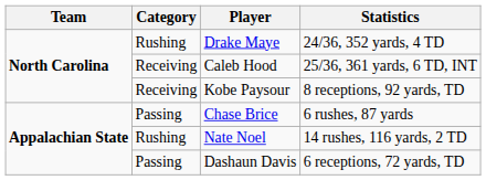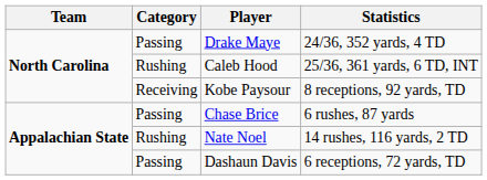 <table class="wikitable" style="float: right;">
 <tr>
 <th>Team</th>
 <th>Category</th>
 <th>Player</th>
 <th>Statistics</th>
 </tr>
 <tr>
 <td rowspan=3><strong>North Carolina</strong></td>
-<td>Rushing</td>
+<td>Passing</td>
 <td><a href='#'>Drake Maye</a></td>
 <td>24/36, 352 yards, 4 TD</td>
 </tr>
 <tr>
-<td>Receiving</td>
+<td>Rushing</td>
 <td>Caleb Hood</td>
 <td>25/36, 361 yards, 6 TD, INT</td>
 </tr>
 <tr>
 <td>Receiving</td>
 <td>Kobe Paysour</td>
 <td>8 receptions, 92 yards, TD</td>
 </tr>
 <tr>
 <td rowspan=3><strong>Appalachian State</strong></td>
 <td>Passing</td>
 <td><a href='#'>Chase Brice</a></td>
 <td>6 rushes, 87 yards</td>
 </tr>
 <tr>
 <td>Rushing</td>
 <td><a href='#'>Nate Noel</a></td>
 <td>14 rushes, 116 yards, 2 TD</td>
 </tr>
 <tr>
 <td>Passing</td>
 <td>Dashaun Davis</td>
 <td>6 receptions, 72 yards, TD</td>
 </tr>
 </table>
